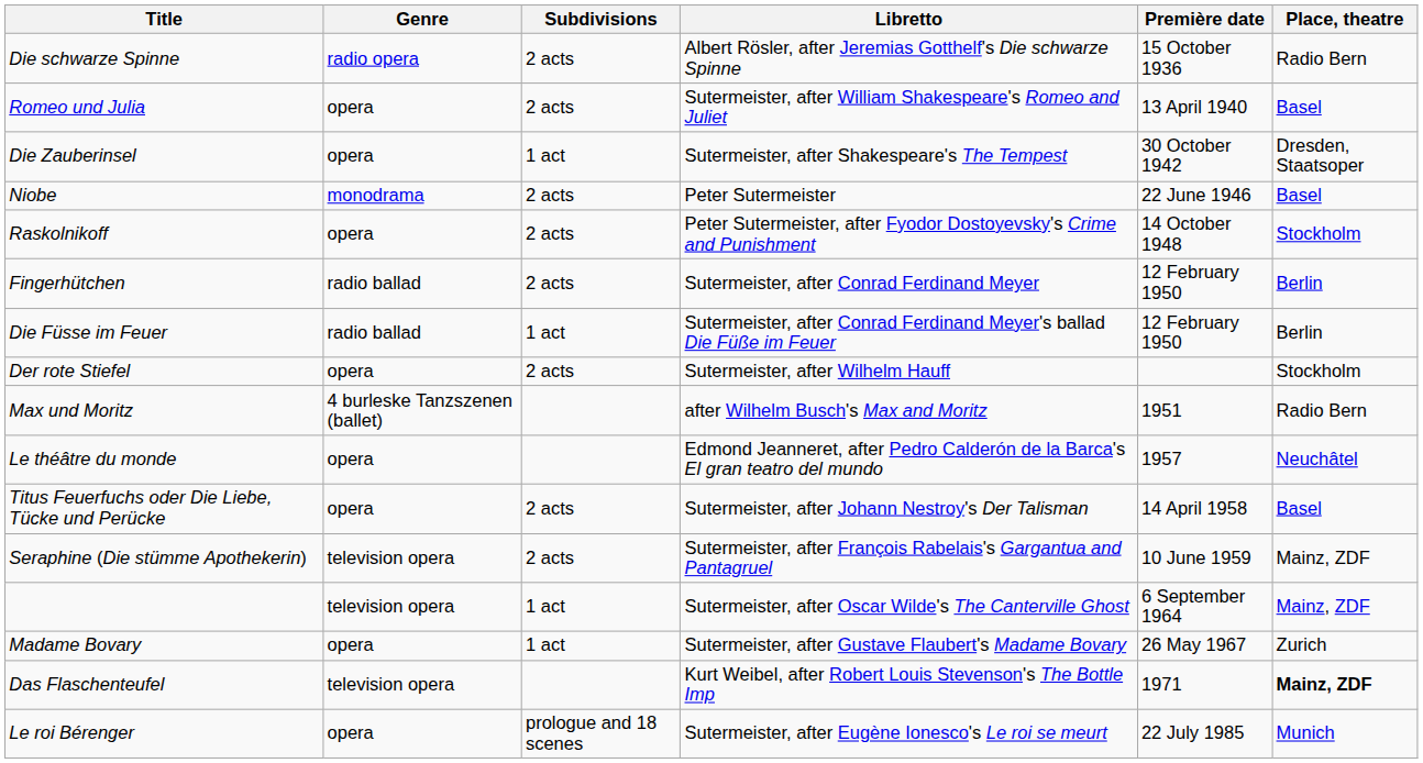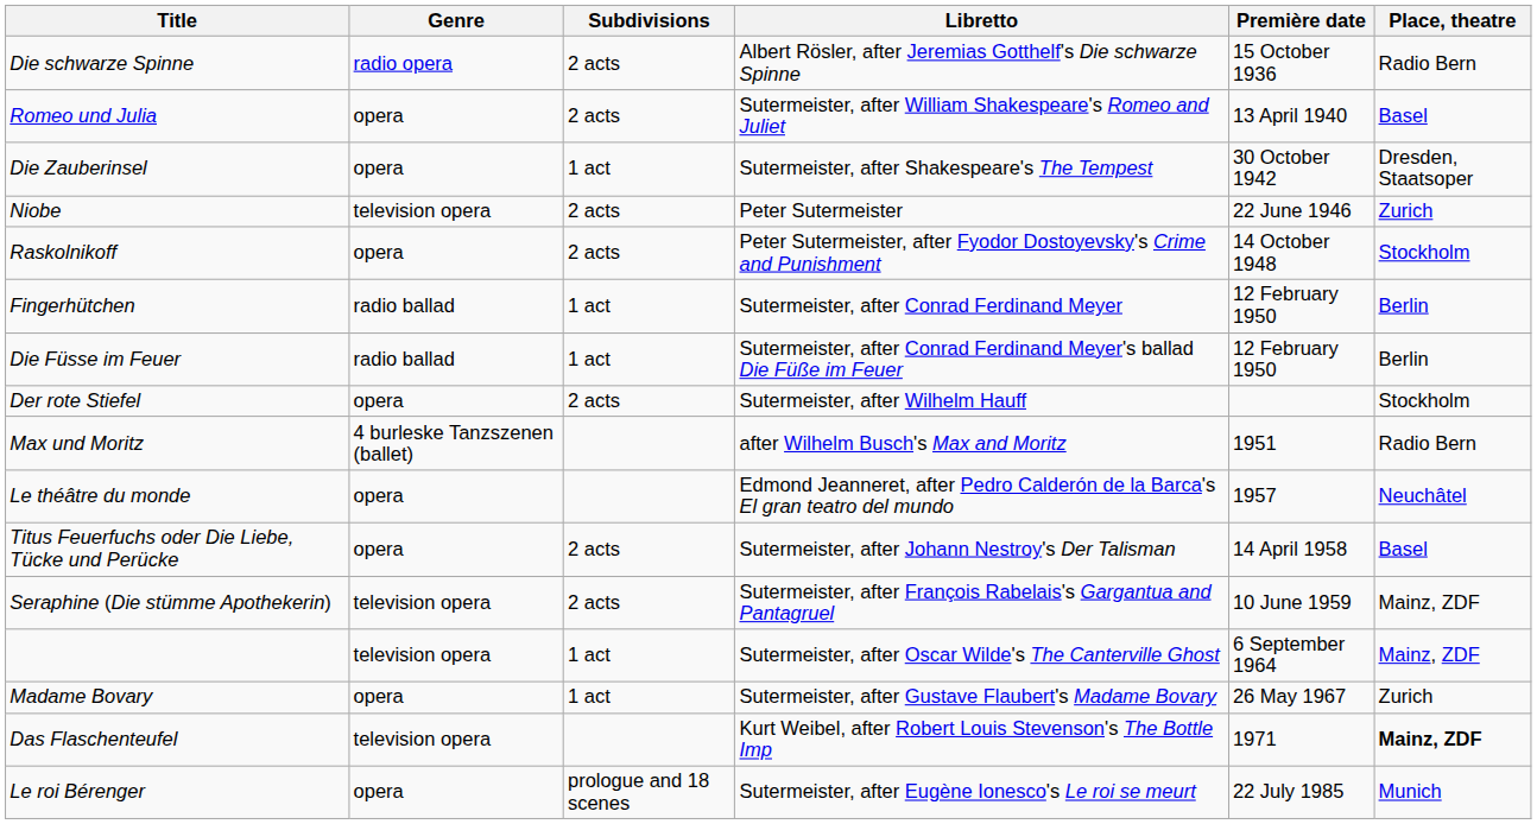 <table class="wikitable sortable">
 <tr>
 <th>Title</th>
 <th>Genre</th>
 <th>Sub­divisions</th>
 <th>Libretto</th>
 <th>Première date</th>
 <th>Place, theatre</th>
 </tr>
 <tr>
 <td><em>Die schwarze Spinne</em></td>
 <td><a href='#'>radio opera</a></td>
 <td>2 acts</td>
 <td>Albert Rösler, after <a href='#'>Jeremias Gotthelf</a>'s <em>Die schwarze Spinne</em></td>
 <td>15 October 1936</td>
 <td>Radio Bern</td>
 </tr>
 <tr>
 <td><em><a href='#'>Romeo und Julia</a></em></td>
 <td>opera</td>
 <td>2 acts</td>
 <td>Sutermeister, after <a href='#'>William Shakespeare</a>'s <em><a href='#'>Romeo and Juliet</a></em></td>
 <td>13 April 1940</td>
 <td><a href='#'>Basel</a></td>
 </tr>
 <tr>
 <td><em>Die Zauberinsel</em></td>
 <td>opera</td>
 <td>1 act</td>
 <td>Sutermeister, after Shakespeare's <em><a href='#'>The Tempest</a></em></td>
 <td>30 October 1942</td>
 <td>Dresden, Staatsoper</td>
 </tr>
 <tr>
 <td><em>Niobe</em></td>
-<td><a href='#'>monodrama</a></td>
+<td>television opera</td>
 <td>2 acts</td>
 <td>Peter Sutermeister</td>
 <td>22 June 1946</td>
-<td><a href='#'>Basel</a></td>
+<td><a href='#'>Zurich</a></td>
 </tr>
 <tr>
 <td><em>Raskolnikoff</em></td>
 <td>opera</td>
 <td>2 acts</td>
 <td>Peter Sutermeister, after <a href='#'>Fyodor Dostoyevsky</a>'s <em><a href='#'>Crime and Punishment</a></em></td>
 <td>14 October 1948</td>
 <td><a href='#'>Stockholm</a></td>
 </tr>
 <tr>
 <td><em>Fingerhütchen</em></td>
 <td>radio ballad</td>
-<td>2 acts</td>
+<td>1 act</td>
 <td>Sutermeister, after <a href='#'>Conrad Ferdinand Meyer</a></td>
 <td>12 February 1950</td>
 <td><a href='#'>Berlin</a></td>
 </tr>
 <tr>
 <td><em>Die Füsse im Feuer</em></td>
 <td>radio ballad</td>
 <td>1 act</td>
 <td>Sutermeister, after <a href='#'>Conrad Ferdinand Meyer</a>'s ballad <em><a href='#'>Die Füße im Feuer</a></em></td>
 <td>12 February 1950</td>
 <td>Berlin</td>
 </tr>
 <tr>
 <td><em>Der rote Stiefel</em></td>
 <td>opera</td>
 <td>2 acts</td>
 <td>Sutermeister, after <a href='#'>Wilhelm Hauff</a></td>
 <td></td>
 <td>Stockholm</td>
 </tr>
 <tr>
 <td><em>Max und Moritz</em></td>
 <td>4 burleske Tanzszenen (ballet)</td>
 <td></td>
 <td>after <a href='#'>Wilhelm Busch</a>'s <em><a href='#'>Max and Moritz</a></em></td>
 <td>1951</td>
 <td>Radio Bern</td>
 </tr>
 <tr>
 <td><em>Le théâtre du monde</em></td>
 <td>opera</td>
 <td></td>
 <td>Edmond Jeanneret, after <a href='#'>Pedro Calderón de la Barca</a>'s <em>El gran teatro del mundo</em></td>
 <td>1957</td>
 <td><a href='#'>Neuchâtel</a></td>
 </tr>
 <tr>
 <td><em>Titus Feuerfuchs oder Die Liebe, Tücke und Perücke</em></td>
 <td>opera</td>
 <td>2 acts</td>
 <td>Sutermeister, after <a href='#'>Johann Nestroy</a>'s <em>Der Talisman</em></td>
 <td>14 April 1958</td>
 <td><a href='#'>Basel</a></td>
 </tr>
 <tr>
 <td><em>Seraphine</em> (<em>Die stümme Apothekerin</em>)</td>
 <td>television opera</td>
 <td>2 acts</td>
 <td>Sutermeister, after <a href='#'>François Rabelais</a>'s <em><a href='#'>Gargantua and Pantagruel</a></em></td>
 <td>10 June 1959</td>
 <td>Mainz, ZDF</td>
 </tr>
 <tr>
 <td><em></em></td>
 <td>television opera</td>
 <td>1 act</td>
 <td>Sutermeister, after <a href='#'>Oscar Wilde</a>'s <em><a href='#'>The Canterville Ghost</a></em></td>
 <td>6 September 1964</td>
 <td><a href='#'>Mainz</a>, <a href='#'>ZDF</a></td>
 </tr>
 <tr>
 <td><em>Madame Bovary</em></td>
 <td>opera</td>
 <td>1 act</td>
 <td>Sutermeister, after <a href='#'>Gustave Flaubert</a>'s <em><a href='#'>Madame Bovary</a></em></td>
 <td>26 May 1967</td>
 <td>Zurich</td>
 </tr>
 <tr>
 <td><em>Das Flaschenteufel</em></td>
 <td>television opera</td>
 <td></td>
 <td>Kurt Weibel, after <a href='#'>Robert Louis Stevenson</a>'s <em><a href='#'>The Bottle Imp</a></em></td>
 <td>1971</td>
 <td><strong>Mainz, ZDF</strong></td>
 </tr>
 <tr>
 <td><em>Le roi Bérenger</em></td>
 <td>opera</td>
 <td>prologue and 18 scenes</td>
 <td>Sutermeister, after <a href='#'>Eugène Ionesco</a>'s <em><a href='#'>Le roi se meurt</a></em></td>
 <td>22 July 1985</td>
 <td><a href='#'>Munich</a></td>
 </tr>
 </table>
